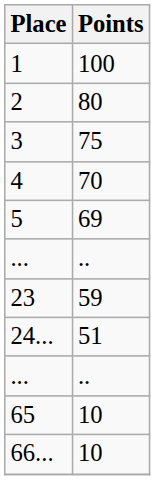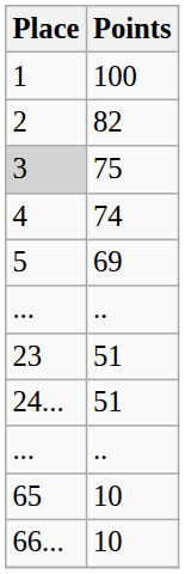 <table class="wikitable">
 <tr>
 <th>Place</th>
 <th>Points</th>
 </tr>
 <tr>
 <td>1</td>
 <td>100</td>
 </tr>
 <tr>
 <td>2</td>
-<td>80</td>
+<td>82</td>
 </tr>
 <tr>
-<td>3</td>
+<td style="background: lightgrey;">3</td>
 <td>75</td>
 </tr>
 <tr>
 <td>4</td>
-<td>70</td>
+<td>74</td>
 </tr>
 <tr>
 <td>5</td>
 <td>69</td>
 </tr>
 <tr>
 <td>...</td>
 <td>..</td>
 </tr>
 <tr>
 <td>23</td>
-<td>59</td>
+<td>51</td>
 </tr>
 <tr>
 <td>24...</td>
 <td>51</td>
 </tr>
 <tr>
 <td>...</td>
 <td>..</td>
 </tr>
 <tr>
 <td>65</td>
 <td>10</td>
 </tr>
 <tr>
 <td>66...</td>
 <td>10</td>
 </tr>
 <tr>
 </tr>
 </table>
